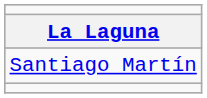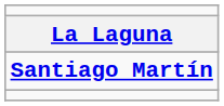 <table class="wikitable" style="text-align:center;margin:1em auto;">
 <tr>
 <td></td>
 </tr>
 <tr>
 <th><a href='#'>La Laguna</a></th>
 </tr>
 <tr>
-<td><a href='#'>Santiago Martín</a></td>
+<td><strong><a href='#'>Santiago Martín</a></strong></td>
 </tr>
 <tr>
 <td></td>
 </tr>
 </table>
